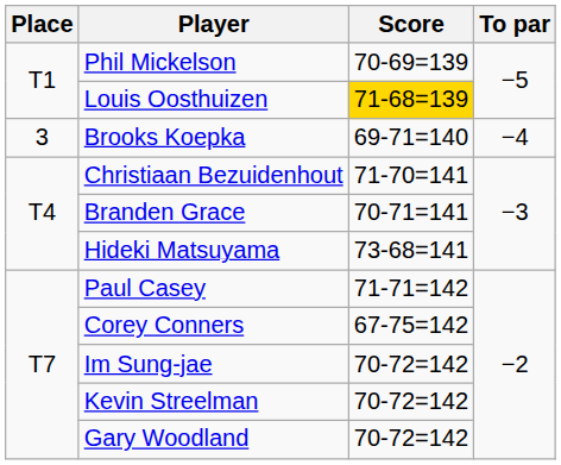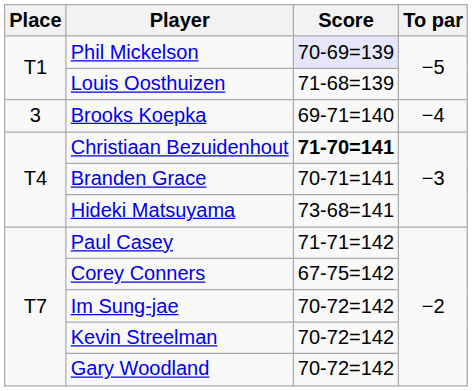 <table class="wikitable">
 <tr>
 <th>Place</th>
 <th>Player</th>
 <th>Score</th>
 <th>To par</th>
 </tr>
 <tr>
 <td rowspan=2 align=center>T1</td>
 <td> <a href='#'>Phil Mickelson</a></td>
-<td>70-69=139</td>
+<td style="background: lavender;">70-69=139</td>
 <td rowspan=2 align=center>−5</td>
 </tr>
 <tr>
 <td> <a href='#'>Louis Oosthuizen</a></td>
-<td style="background: gold;">71-68=139</td>
+<td>71-68=139</td>
 </tr>
 <tr>
 <td align=center>3</td>
 <td> <a href='#'>Brooks Koepka</a></td>
 <td>69-71=140</td>
 <td align=center>−4</td>
 </tr>
 <tr>
 <td rowspan=3 align=center>T4</td>
 <td> <a href='#'>Christiaan Bezuidenhout</a></td>
-<td>71-70=141</td>
+<td><strong>71-70=141</strong></td>
 <td rowspan=3 align=center>−3</td>
 </tr>
 <tr>
 <td> <a href='#'>Branden Grace</a></td>
 <td>70-71=141</td>
 </tr>
 <tr>
 <td> <a href='#'>Hideki Matsuyama</a></td>
 <td>73-68=141</td>
 </tr>
 <tr>
 <td rowspan=5 align=center>T7</td>
 <td> <a href='#'>Paul Casey</a></td>
 <td>71-71=142</td>
 <td rowspan=5 align=center>−2</td>
 </tr>
 <tr>
 <td> <a href='#'>Corey Conners</a></td>
 <td>67-75=142</td>
 </tr>
 <tr>
 <td> <a href='#'>Im Sung-jae</a></td>
 <td>70-72=142</td>
 </tr>
 <tr>
 <td> <a href='#'>Kevin Streelman</a></td>
 <td>70-72=142</td>
 </tr>
 <tr>
 <td> <a href='#'>Gary Woodland</a></td>
 <td>70-72=142</td>
 </tr>
 </table>
